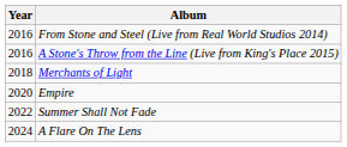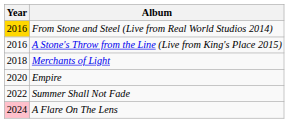 <table class="wikitable" style="text-align:center;">
 <tr>
 <th scope="col">Year</th>
 <th scope="col">Album</th>
 </tr>
 <tr>
-<td>2016</td>
+<td style="background: gold;">2016</td>
 <td align="left"><em>From Stone and Steel (Live from Real World Studios 2014)</em></td>
 </tr>
 <tr>
 <td>2016</td>
 <td align="left"><em><a href='#'>A Stone's Throw from the Line</a> (Live from King's Place 2015)</em></td>
 </tr>
 <tr>
 <td>2018</td>
 <td align="left"><em><a href='#'>Merchants of Light</a></em></td>
 </tr>
 <tr>
 <td>2020</td>
 <td align="left"><em>Empire</em></td>
 </tr>
 <tr>
 <td>2022</td>
 <td align="left"><em>Summer Shall Not Fade</em></td>
 </tr>
 <tr>
-<td>2024</td>
+<td style="background: pink;">2024</td>
 <td align="left"><em>A Flare On The Lens</em></td>
 </tr>
 </table>
